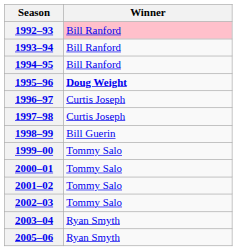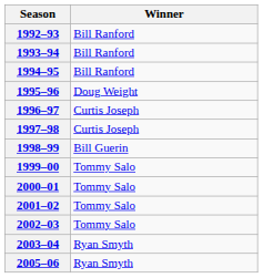 <table class="wikitable">
 <tr>
 <th scope="col" style="width:5em">Season</th>
 <th scope="col" style="width:15em">Winner</th>
 </tr>
 <tr>
 <th scope="row"><a href='#'>1992–93</a></th>
-<td style="background: pink;"><a href='#'>Bill Ranford</a></td>
+<td><a href='#'>Bill Ranford</a></td>
 </tr>
 <tr>
 <th scope="row"><a href='#'>1993–94</a></th>
 <td><a href='#'>Bill Ranford</a></td>
 </tr>
 <tr>
 <th scope="row"><a href='#'>1994–95</a></th>
 <td><a href='#'>Bill Ranford</a></td>
 </tr>
 <tr>
 <th scope="row"><a href='#'>1995–96</a></th>
-<td><strong><a href='#'>Doug Weight</a></strong></td>
+<td><a href='#'>Doug Weight</a></td>
 </tr>
 <tr>
 <th scope="row"><a href='#'>1996–97</a></th>
 <td><a href='#'>Curtis Joseph</a></td>
 </tr>
 <tr>
 <th scope="row"><a href='#'>1997–98</a></th>
 <td><a href='#'>Curtis Joseph</a></td>
 </tr>
 <tr>
 <th scope="row"><a href='#'>1998–99</a></th>
 <td><a href='#'>Bill Guerin</a></td>
 </tr>
 <tr>
 <th scope="row"><a href='#'>1999–00</a></th>
 <td><a href='#'>Tommy Salo</a></td>
 </tr>
 <tr>
 <th scope="row"><a href='#'>2000–01</a></th>
 <td><a href='#'>Tommy Salo</a></td>
 </tr>
 <tr>
 <th scope="row"><a href='#'>2001–02</a></th>
 <td><a href='#'>Tommy Salo</a></td>
 </tr>
 <tr>
 <th scope="row"><a href='#'>2002–03</a></th>
 <td><a href='#'>Tommy Salo</a></td>
 </tr>
 <tr>
 <th scope="row"><a href='#'>2003–04</a></th>
 <td><a href='#'>Ryan Smyth</a></td>
 </tr>
 <tr>
 <th scope="row"><a href='#'>2005–06</a></th>
 <td><a href='#'>Ryan Smyth</a></td>
 </tr>
 </table>
